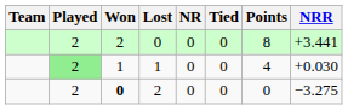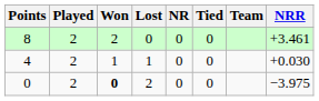 <table class="wikitable" style="text-align:center">
 <tr>
-<th>Team</th>
+<th>Points</th>
 <th>Played</th>
 <th>Won</th>
 <th>Lost</th>
 <th>NR</th>
 <th>Tied</th>
-<th>Points</th>
+<th>Team</th>
 <th><a href='#'>NRR</a></th>
 </tr>
 <tr style="background:#ccffcc">
-<td></td>
+<td>8</td>
 <td>2</td>
 <td>2</td>
 <td>0</td>
 <td>0</td>
 <td>0</td>
-<td>8</td>
-<td>+3.441</td>
+<td></td>
+<td>+3.461</td>
 </tr>
 <tr>
-<td></td>
-<td style="background: lightgreen;">2</td>
+<td>4</td>
+<td>2</td>
 <td>1</td>
 <td>1</td>
 <td>0</td>
 <td>0</td>
-<td>4</td>
+<td></td>
 <td>+0.030</td>
 </tr>
 <tr>
-<td></td>
+<td>0</td>
 <td>2</td>
 <td><strong>0</strong></td>
 <td>2</td>
 <td>0</td>
 <td>0</td>
-<td>0</td>
-<td>−3.275</td>
+<td></td>
+<td>−3.975</td>
 </tr>
 </table>
